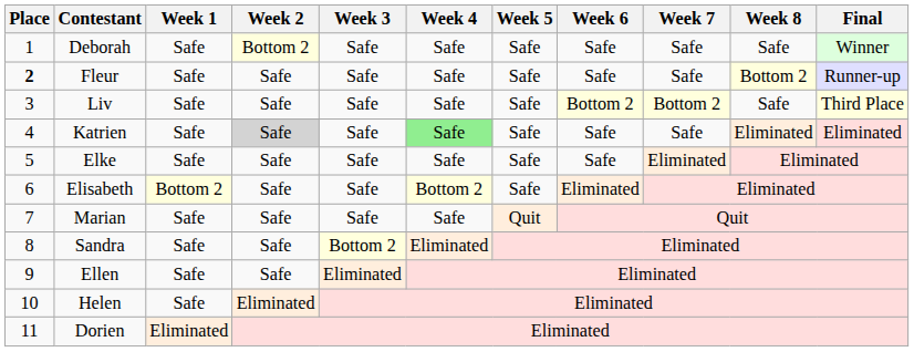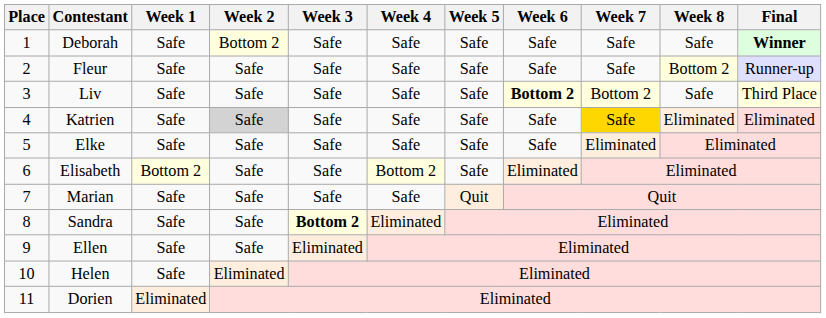 <table class="wikitable" style="text-align:center;">
 <tr>
 <th>Place</th>
 <th>Contestant</th>
 <th>Week 1</th>
 <th>Week 2</th>
 <th>Week 3</th>
 <th>Week 4</th>
 <th>Week 5</th>
 <th>Week 6</th>
 <th>Week 7</th>
 <th>Week 8</th>
 <th>Final</th>
 </tr>
 <tr>
 <td>1</td>
 <td>Deborah</td>
 <td>Safe</td>
 <td style="background:#ffffdd;">Bottom 2</td>
 <td>Safe</td>
 <td>Safe</td>
 <td>Safe</td>
 <td>Safe</td>
 <td>Safe</td>
 <td>Safe</td>
-<td style="background:#ddffdd;">Winner</td>
+<td style="background:#ddffdd;"><strong>Winner</strong></td>
 </tr>
 <tr>
-<td><strong>2</strong></td>
+<td>2</td>
 <td>Fleur</td>
 <td>Safe</td>
 <td>Safe</td>
 <td>Safe</td>
 <td>Safe</td>
 <td>Safe</td>
 <td>Safe</td>
 <td>Safe</td>
 <td style="background:#ffffdd;">Bottom 2</td>
 <td style="background:#dfdfff;">Runner-up</td>
 </tr>
 <tr>
 <td>3</td>
 <td>Liv</td>
 <td>Safe</td>
 <td>Safe</td>
 <td>Safe</td>
 <td>Safe</td>
 <td>Safe</td>
-<td style="background:#ffffdd;">Bottom 2</td>
+<td style="background:#ffffdd;"><strong>Bottom 2</strong></td>
 <td style="background:#ffffdd;">Bottom 2</td>
 <td>Safe</td>
 <td style="background:#ffffdd;">Third Place</td>
 </tr>
 <tr>
 <td>4</td>
 <td>Katrien</td>
 <td>Safe</td>
 <td style="background: lightgrey;">Safe</td>
 <td>Safe</td>
-<td style="background: lightgreen;">Safe</td>
 <td>Safe</td>
 <td>Safe</td>
 <td>Safe</td>
+<td style="background: gold;">Safe</td>
 <td style="background:#ffeedd;">Eliminated</td>
 <td style="background:#ffdddd;">Eliminated</td>
 </tr>
 <tr>
 <td>5</td>
 <td>Elke</td>
 <td>Safe</td>
 <td>Safe</td>
 <td>Safe</td>
 <td>Safe</td>
 <td>Safe</td>
 <td>Safe</td>
 <td style="background:#ffeedd;">Eliminated</td>
 <td style="background:#ffdddd;" colspan="2">Eliminated</td>
 </tr>
 <tr>
 <td>6</td>
 <td>Elisabeth</td>
 <td style="background:#ffffdd;">Bottom 2</td>
 <td>Safe</td>
 <td>Safe</td>
 <td style="background:#ffffdd;">Bottom 2</td>
 <td>Safe</td>
 <td style="background:#ffeedd;">Eliminated</td>
 <td style="background:#ffdddd;" colspan="3">Eliminated</td>
 </tr>
 <tr>
 <td>7</td>
 <td>Marian</td>
 <td>Safe</td>
 <td>Safe</td>
 <td>Safe</td>
 <td>Safe</td>
 <td style="background:#ffeedd;">Quit</td>
 <td style="background:#ffdddd;" colspan="4">Quit</td>
 </tr>
 <tr>
 <td>8</td>
 <td>Sandra</td>
 <td>Safe</td>
 <td>Safe</td>
-<td style="background:#ffffdd;">Bottom 2</td>
+<td style="background:#ffffdd;"><strong>Bottom 2</strong></td>
 <td style="background:#ffeedd;">Eliminated</td>
 <td style="background:#ffdddd;" colspan="5">Eliminated</td>
 </tr>
 <tr>
 <td>9</td>
 <td>Ellen</td>
 <td>Safe</td>
 <td>Safe</td>
 <td style="background:#ffeedd;">Eliminated</td>
 <td style="background:#ffdddd;" colspan="6">Eliminated</td>
 </tr>
 <tr>
 <td>10</td>
 <td>Helen</td>
 <td>Safe</td>
 <td style="background:#ffeedd;">Eliminated</td>
 <td style="background:#ffdddd;" colspan="7">Eliminated</td>
 </tr>
 <tr>
 <td>11</td>
 <td>Dorien</td>
 <td style="background:#ffeedd;">Eliminated</td>
 <td style="background:#ffdddd;" colspan="8">Eliminated</td>
 </tr>
 </table>
